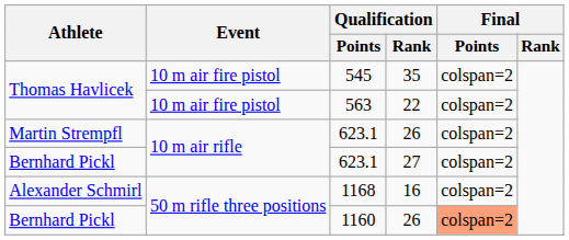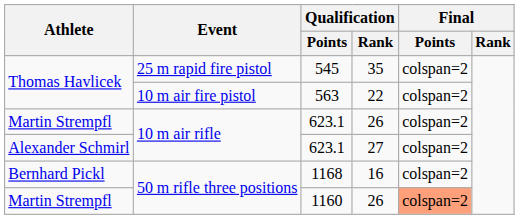 <table class="wikitable" style="text-align:center; font-size:90%">
 <tr>
 <th rowspan=2>Athlete</th>
 <th rowspan=2>Event</th>
 <th colspan=2>Qualification</th>
 <th colspan=2>Final</th>
 </tr>
 <tr style="font-size:95%">
 <th>Points</th>
 <th>Rank</th>
 <th>Points</th>
 <th>Rank</th>
 </tr>
 <tr>
 <td align=left rowspan=2><a href='#'>Thomas Havlicek</a></td>
-<td align=left><a href='#'>10 m air fire pistol</a></td>
+<td align=left><a href='#'>25 m rapid fire pistol</a></td>
 <td>545</td>
 <td>35</td>
 <td>colspan=2 </td>
 </tr>
 <tr>
 <td align=left><a href='#'>10 m air fire pistol</a></td>
 <td>563</td>
 <td>22</td>
 <td>colspan=2 </td>
 </tr>
 <tr>
 <td align=left><a href='#'>Martin Strempfl</a></td>
 <td align=left rowspan=2><a href='#'>10 m air rifle</a></td>
 <td>623.1</td>
 <td>26</td>
 <td>colspan=2 </td>
 </tr>
 <tr>
-<td align=left><a href='#'>Bernhard Pickl</a></td>
+<td align=left><a href='#'>Alexander Schmirl</a></td>
 <td>623.1</td>
 <td>27</td>
 <td>colspan=2 </td>
 </tr>
 <tr>
-<td align=left><a href='#'>Alexander Schmirl</a></td>
+<td align=left><a href='#'>Bernhard Pickl</a></td>
 <td align=left rowspan=2><a href='#'>50 m rifle three positions</a></td>
 <td>1168</td>
 <td>16</td>
 <td>colspan=2 </td>
 </tr>
 <tr>
-<td align=left><a href='#'>Bernhard Pickl</a></td>
+<td align=left><a href='#'>Martin Strempfl</a></td>
 <td>1160</td>
 <td>26</td>
 <td style="background: lightsalmon;">colspan=2 </td>
 </tr>
 </table>
